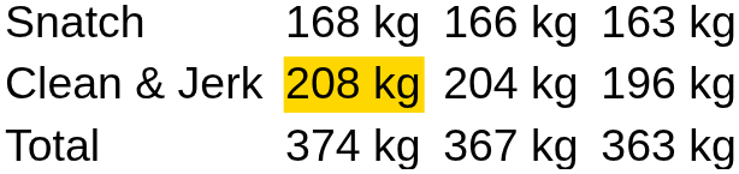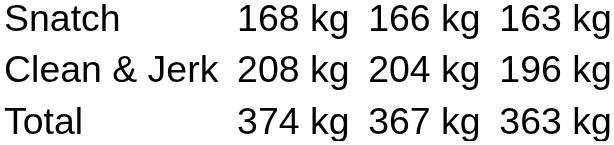 <table>
 <tr>
 <td>Snatch</td>
 <td></td>
 <td>168 kg</td>
 <td></td>
 <td>166 kg</td>
 <td></td>
 <td>163 kg</td>
 </tr>
 <tr>
 <td>Clean & Jerk</td>
 <td></td>
-<td style="background: gold;">208 kg</td>
+<td>208 kg</td>
 <td></td>
 <td>204 kg</td>
 <td></td>
 <td>196 kg</td>
 </tr>
 <tr>
 <td>Total</td>
 <td></td>
 <td>374 kg</td>
 <td></td>
 <td>367 kg</td>
 <td></td>
 <td>363 kg</td>
 </tr>
 </table>
